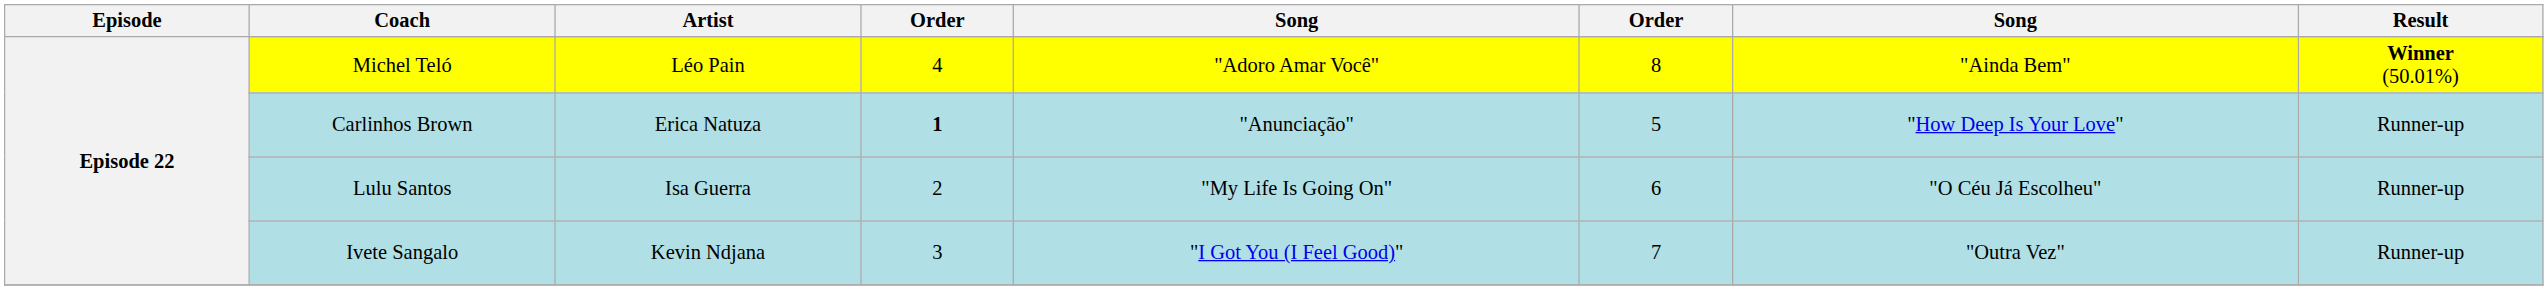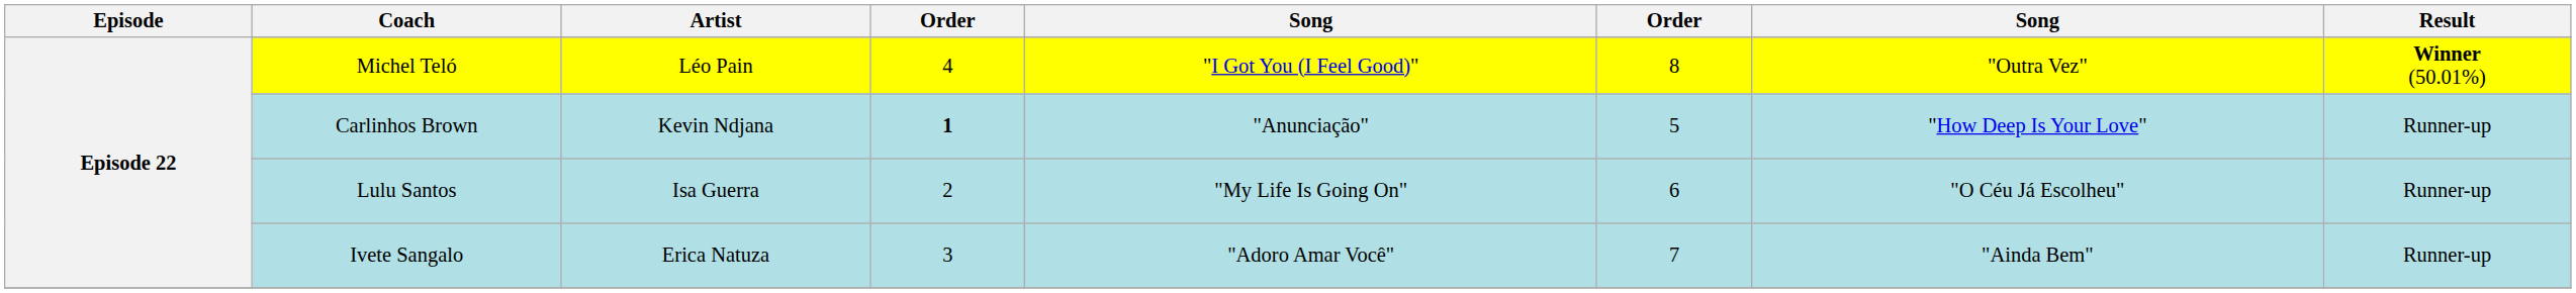 <table class="wikitable" style="text-align:center; width:100%;">
 <tr>
 <th scope="col" width="08.0%">Episode</th>
 <th scope="col" width="10.0%">Coach</th>
 <th scope="col" width="10.0%">Artist</th>
 <th scope="col" width="05.0%">Order</th>
 <th scope="col" width="18.5%">Song</th>
 <th scope="col" width="05.0%">Order</th>
 <th scope="col" width="18.5%">Song</th>
 <th scope="col" width="08.0%">Result</th>
 </tr>
 <tr>
 <th scope="col" rowspan=5>Episode 22<br></th>
 </tr>
 <tr bgcolor=FFFF00>
 <td>Michel Teló</td>
 <td>Léo Pain</td>
 <td>4</td>
-<td>"Adoro Amar Você"</td>
+<td>"<a href='#'>I Got You (I Feel Good)</a>"</td>
 <td>8</td>
-<td>"Ainda Bem"</td>
+<td>"Outra Vez"</td>
 <td><strong>Winner</strong><br>(50.01%)</td>
 </tr>
 <tr style="height:50px" bgcolor=B0E0E6>
 <td>Carlinhos Brown</td>
-<td>Erica Natuza</td>
+<td>Kevin Ndjana</td>
 <td><strong>1</strong></td>
 <td>"Anunciação"</td>
 <td>5</td>
 <td>"<a href='#'>How Deep Is Your Love</a>"</td>
 <td>Runner-up</td>
 </tr>
 <tr style="height:50px" bgcolor=B0E0E6>
 <td>Lulu Santos</td>
 <td>Isa Guerra</td>
 <td>2</td>
 <td>"My Life Is Going On"</td>
 <td>6</td>
 <td>"O Céu Já Escolheu"</td>
 <td>Runner-up</td>
 </tr>
 <tr style="height:50px" bgcolor=B0E0E6>
 <td>Ivete Sangalo</td>
-<td>Kevin Ndjana</td>
+<td>Erica Natuza</td>
 <td>3</td>
-<td>"<a href='#'>I Got You (I Feel Good)</a>"</td>
+<td>"Adoro Amar Você"</td>
 <td>7</td>
-<td>"Outra Vez"</td>
+<td>"Ainda Bem"</td>
 <td>Runner-up</td>
 </tr>
 <tr>
 </tr>
 </table>
